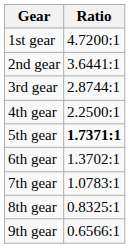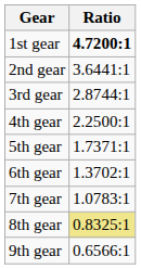 <table class="wikitable">
 <tr>
 <th>Gear</th>
 <th>Ratio</th>
 </tr>
 <tr>
 <td>1st gear</td>
-<td>4.7200:1</td>
+<td><strong>4.7200:1</strong></td>
 </tr>
 <tr>
 <td>2nd gear</td>
 <td>3.6441:1</td>
 </tr>
 <tr>
 <td>3rd gear</td>
 <td>2.8744:1</td>
 </tr>
 <tr>
 <td>4th gear</td>
 <td>2.2500:1</td>
 </tr>
 <tr>
 <td>5th gear</td>
-<td><strong>1.7371:1</strong></td>
+<td>1.7371:1</td>
 </tr>
 <tr>
 <td>6th gear</td>
 <td>1.3702:1</td>
 </tr>
 <tr>
 <td>7th gear</td>
 <td>1.0783:1</td>
 </tr>
 <tr>
 <td>8th gear</td>
-<td>0.8325:1</td>
+<td style="background: khaki;">0.8325:1</td>
 </tr>
 <tr>
 <td>9th gear</td>
 <td>0.6566:1</td>
 </tr>
 </table>
